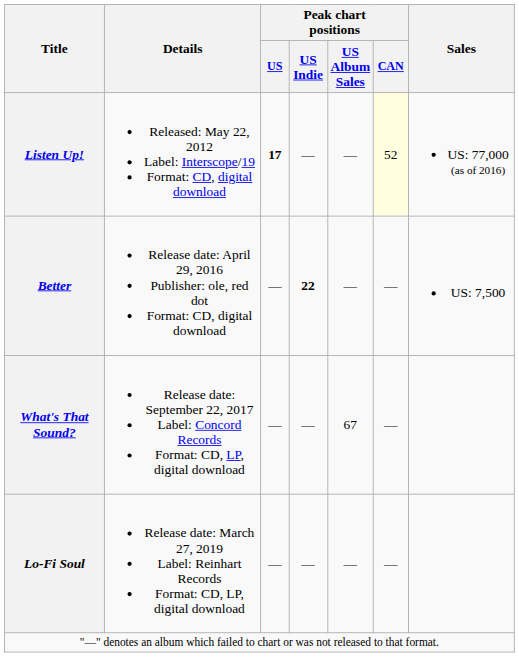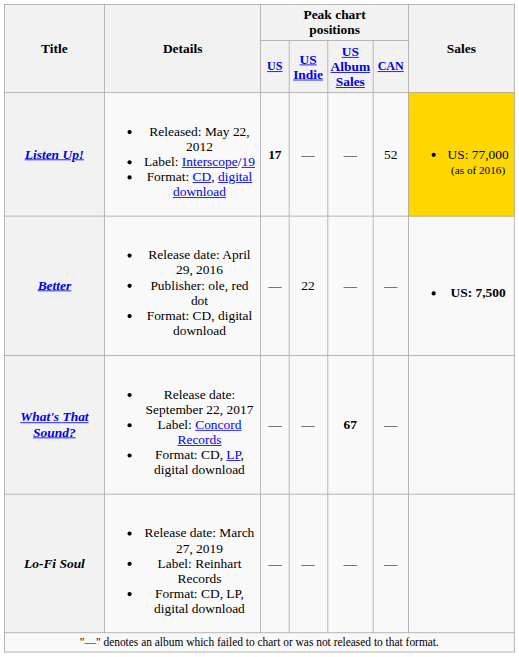 <table class="wikitable plainrowheaders" style="text-align:center;">
 <tr>
 <th rowspan="2" style="width:15em;">Title</th>
 <th rowspan="2" style="width:18em;">Details</th>
 <th colspan="4">Peak chart<br>positions</th>
 <th rowspan="2" style="width:12em;">Sales</th>
 </tr>
 <tr>
 <th scope="col" style="width:3em;font-size:90%;"><a href='#'>US</a><br></th>
 <th style="width:45px;"><a href='#'>US Indie</a><br></th>
 <th style="width:45px;"><a href='#'>US Album Sales</a><br></th>
 <th scope="col" style="width:3em;font-size:90%;"><a href='#'>CAN</a><br></th>
 </tr>
 <tr>
 <th scope="row"><em><a href='#'>Listen Up!</a></em></th>
 <td><br><ul><li>Released: May 22, 2012</li><li>Label: <a href='#'>Interscope</a>/<a href='#'>19</a></li><li>Format: <a href='#'>CD</a>, <a href='#'>digital download</a></li></ul></td>
 <td><strong>17</strong></td>
 <td>—</td>
 <td>—</td>
-<td style="background: lightyellow;">52</td>
-<td><br><ul><li>US: 77,000<br><small>(as of 2016)</small></li></ul></td>
+<td>52</td>
+<td style="background: gold;"><br><ul><li>US: 77,000<br><small>(as of 2016)</small></li></ul></td>
 </tr>
 <tr>
 <th scope="row"><em><a href='#'>Better</a></em></th>
 <td><br><ul><li>Release date: April 29, 2016</li><li>Publisher: ole, red dot</li><li>Format: CD, digital download</li></ul></td>
 <td>—</td>
-<td><strong>22</strong></td>
+<td>22</td>
 <td>—</td>
 <td>—</td>
-<td><br><ul><li>US: 7,500</li></ul></td>
+<td><strong><br><ul><li>US: 7,500</li></ul></strong></td>
 </tr>
 <tr>
 <th scope="row"><em><a href='#'>What's That Sound?</a></em></th>
 <td><br><ul><li>Release date: September 22, 2017</li><li>Label: <a href='#'>Concord Records</a></li><li>Format: CD, <a href='#'>LP</a>, digital download</li></ul></td>
 <td>—</td>
 <td>—</td>
-<td>67</td>
+<td><strong>67</strong></td>
 <td>—</td>
 <td></td>
 </tr>
 <tr>
 <th scope="row"><em>Lo-Fi Soul</em></th>
 <td><br><ul><li>Release date: March 27, 2019</li><li>Label: Reinhart Records</li><li>Format: CD, LP, digital download</li></ul></td>
 <td>—</td>
 <td>—</td>
 <td>—</td>
 <td>—</td>
 <td></td>
 </tr>
 <tr>
 <td colspan="8" style="font-size:85%;">"—" denotes an album which failed to chart or was not released to that format.</td>
 </tr>
 </table>
